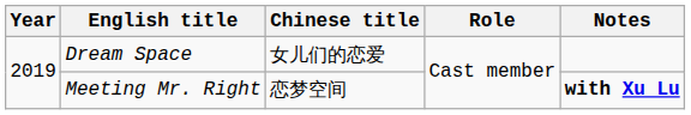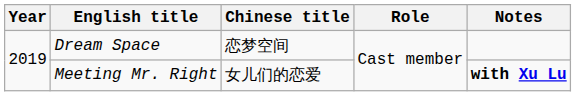 <table class="wikitable">
 <tr>
 <th>Year</th>
 <th>English title</th>
 <th>Chinese title</th>
 <th>Role</th>
 <th>Notes</th>
 </tr>
 <tr>
 <td rowspan=2>2019</td>
 <td><em>Dream Space</em></td>
-<td>女儿们的恋爱</td>
+<td>恋梦空间</td>
 <td rowspan=2>Cast member</td>
 <td></td>
 </tr>
 <tr>
 <td><em>Meeting Mr. Right</em></td>
-<td>恋梦空间</td>
+<td>女儿们的恋爱</td>
 <td><strong>with <a href='#'>Xu Lu</a></strong></td>
 </tr>
 </table>
